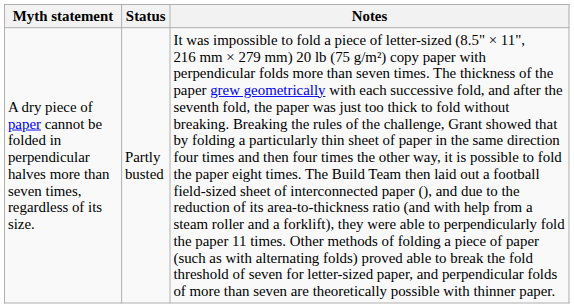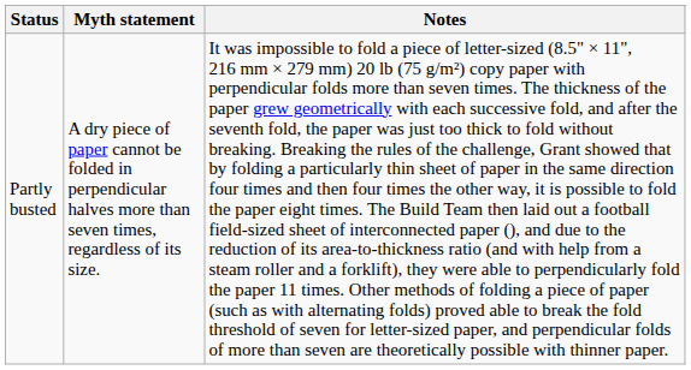 <table class="wikitable plainrowheaders">
 <tr>
+<th>Status</th>
 <th>Myth statement</th>
-<th>Status</th>
 <th>Notes</th>
 </tr>
 <tr>
+<td><span>Partly busted</span></td>
 <td>A dry piece of <a href='#'>paper</a> cannot be folded in perpendicular halves more than seven times, regardless of its size.</td>
-<td><span>Partly busted</span></td>
 <td>It was impossible to fold a piece of letter-sized (8.5" × 11", 216 mm × 279 mm) 20 lb (75 g/m²) copy paper with perpendicular folds more than seven times. The thickness of the paper <a href='#'>grew geometrically</a> with each successive fold, and after the seventh fold, the paper was just too thick to fold without breaking. Breaking the rules of the challenge, Grant showed that by folding a particularly thin sheet of paper in the same direction four times and then four times the other way, it is possible to fold the paper eight times. The Build Team then laid out a football field-sized sheet of interconnected paper (), and due to the reduction of its area-to-thickness ratio (and with help from a steam roller and a forklift), they were able to perpendicularly fold the paper 11 times. Other methods of folding a piece of paper (such as with alternating folds) proved able to break the fold threshold of seven for letter-sized paper, and perpendicular folds of more than seven are theoretically possible with thinner paper.</td>
 </tr>
 </table>
